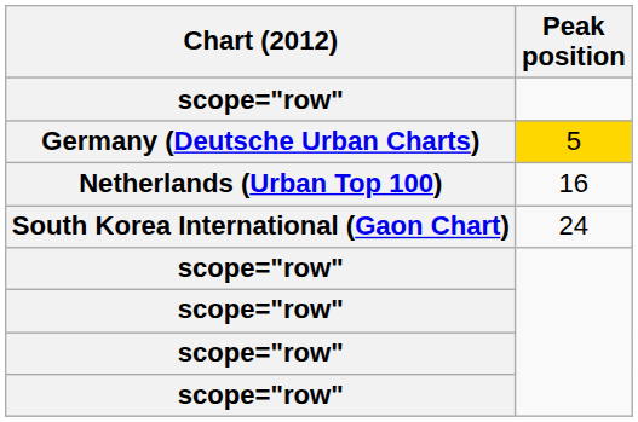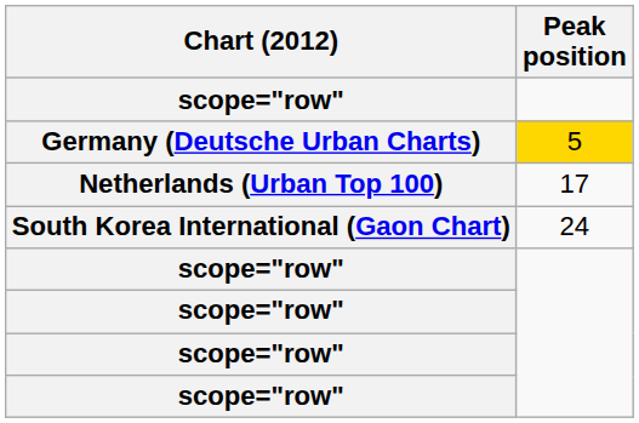 <table class="wikitable sortable plainrowheaders">
 <tr>
 <th scope="col">Chart (2012)</th>
 <th scope="col">Peak<br>position</th>
 </tr>
 <tr>
 <th>scope="row"</th>
 </tr>
 <tr>
 <th scope="row">Germany (<a href='#'>Deutsche Urban Charts</a>)</th>
 <td align="center" style="background: gold;">5</td>
 </tr>
 <tr>
 <th scope="row">Netherlands (<a href='#'>Urban Top 100</a>)</th>
-<td align="center">16</td>
+<td align="center">17</td>
 </tr>
 <tr>
 <th scope="row">South Korea International (<a href='#'>Gaon Chart</a>)</th>
 <td align="center">24</td>
 </tr>
 <tr>
 <th>scope="row"</th>
 </tr>
 <tr>
 <th>scope="row"</th>
 </tr>
 <tr>
 <th>scope="row"</th>
 </tr>
 <tr>
 <th>scope="row"</th>
 </tr>
 </table>
